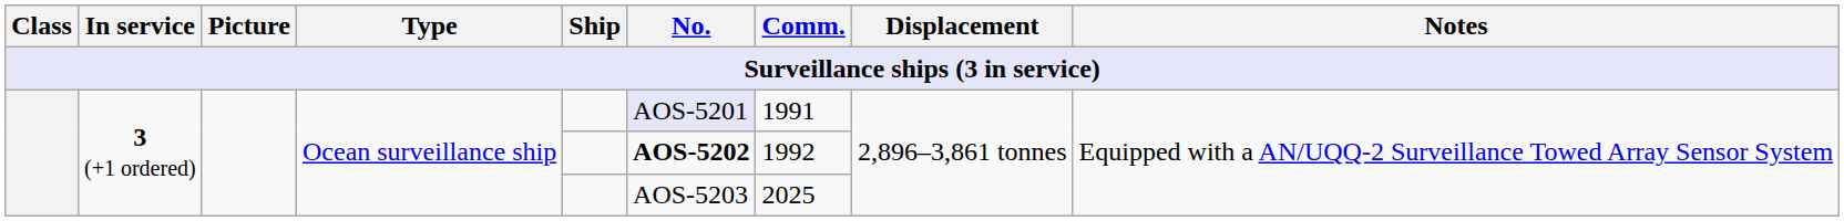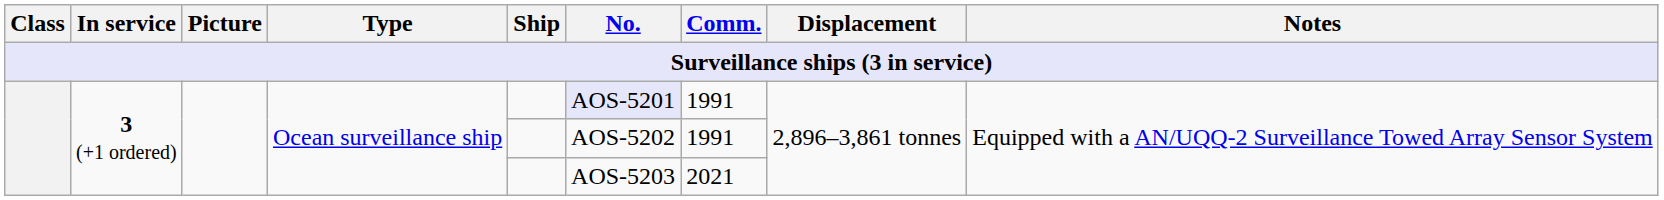 <table class="wikitable">
 <tr>
 <th>Class</th>
 <th>In service</th>
 <th>Picture</th>
 <th>Type</th>
 <th>Ship</th>
 <th><a href='#'>No.</a></th>
 <th><a href='#'>Comm.</a></th>
 <th>Displacement</th>
 <th>Notes</th>
 </tr>
 <tr>
 <th colspan="9" style="background: lavender;"><strong>Surveillance ships (3 in service)</strong></th>
 </tr>
 <tr>
 <th rowspan="3" style="text-align: left;"></th>
 <td rowspan="3" style="text-align: center;"><strong>3</strong><br><small>(+1 ordered)</small></td>
 <td rowspan="3"></td>
 <td rowspan="3"><a href='#'>Ocean surveillance ship</a></td>
 <td></td>
 <td style="background: lavender;">AOS-5201</td>
 <td>1991</td>
 <td rowspan="3">2,896–3,861 tonnes</td>
 <td rowspan="3">Equipped with a <a href='#'>AN/UQQ-2 Surveillance Towed Array Sensor System</a><br></td>
 </tr>
 <tr>
 <td></td>
-<td><strong>AOS-5202</strong></td>
-<td>1992</td>
+<td>AOS-5202</td>
+<td>1991</td>
 </tr>
 <tr>
 <td></td>
 <td>AOS-5203</td>
-<td>2025</td>
+<td>2021</td>
 </tr>
 </table>
